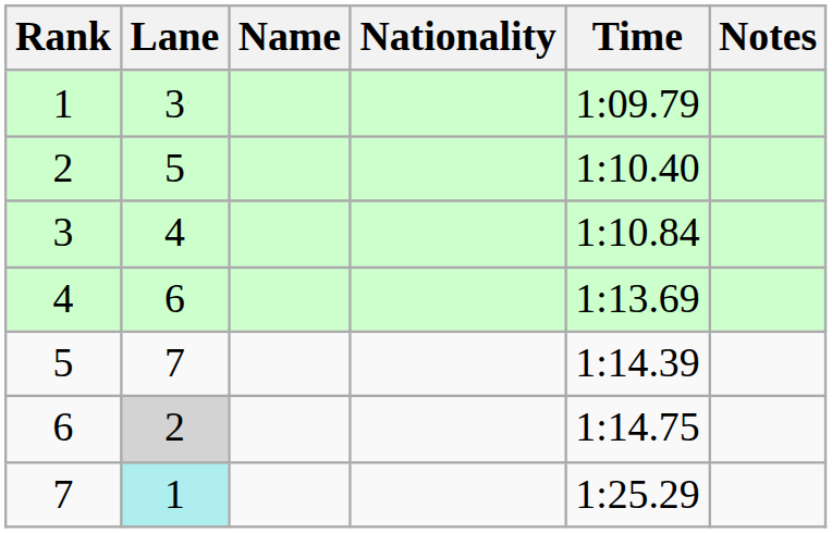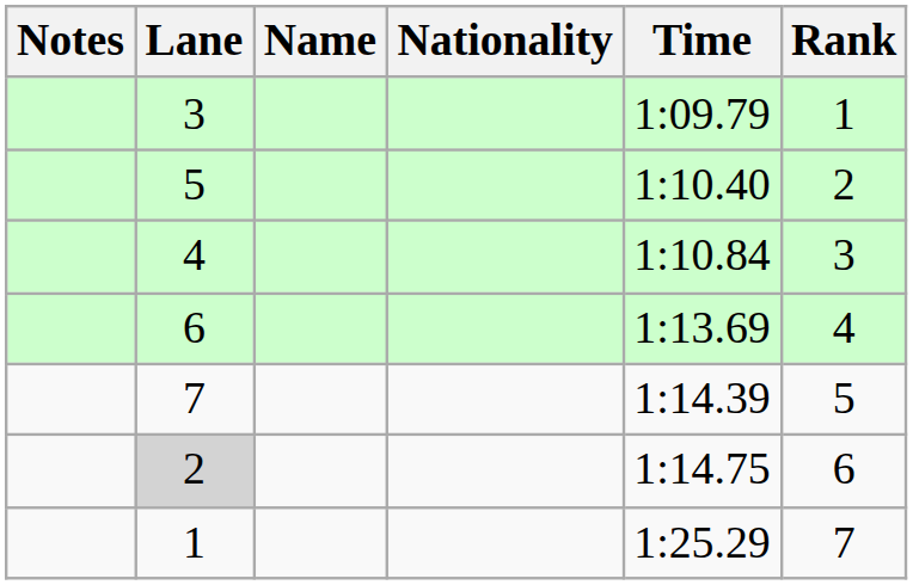 <table class="wikitable sortable" style="text-align:center">
 <tr>
-<th>Rank</th>
+<th>Notes</th>
 <th>Lane</th>
 <th>Name</th>
 <th>Nationality</th>
 <th>Time</th>
-<th>Notes</th>
+<th>Rank</th>
 </tr>
 <tr bgcolor=ccffcc>
-<td>1</td>
+<td><strong></strong></td>
 <td>3</td>
 <td align=left></td>
 <td align=left></td>
 <td>1:09.79</td>
-<td><strong></strong></td>
+<td>1</td>
 </tr>
 <tr bgcolor=ccffcc>
-<td>2</td>
+<td><strong></strong></td>
 <td>5</td>
 <td align=left></td>
 <td align=left></td>
 <td>1:10.40</td>
-<td><strong></strong></td>
+<td>2</td>
 </tr>
 <tr bgcolor=ccffcc>
-<td>3</td>
+<td><strong></strong></td>
 <td>4</td>
 <td align=left></td>
 <td align=left></td>
 <td>1:10.84</td>
-<td><strong></strong></td>
+<td>3</td>
 </tr>
 <tr bgcolor=ccffcc>
-<td>4</td>
+<td><strong></strong></td>
 <td>6</td>
 <td align=left></td>
 <td align=left></td>
 <td>1:13.69</td>
-<td><strong></strong></td>
+<td>4</td>
 </tr>
 <tr>
-<td>5</td>
+<td></td>
 <td>7</td>
 <td align=left></td>
 <td align=left></td>
 <td>1:14.39</td>
-<td></td>
+<td>5</td>
 </tr>
 <tr>
-<td>6</td>
+<td></td>
 <td style="background: lightgrey;">2</td>
 <td align=left></td>
 <td align=left></td>
 <td>1:14.75</td>
-<td></td>
+<td>6</td>
 </tr>
 <tr>
-<td>7</td>
-<td style="background: paleturquoise;">1</td>
+<td></td>
+<td>1</td>
 <td align=left></td>
 <td align=left></td>
 <td>1:25.29</td>
-<td></td>
+<td>7</td>
 </tr>
 </table>
